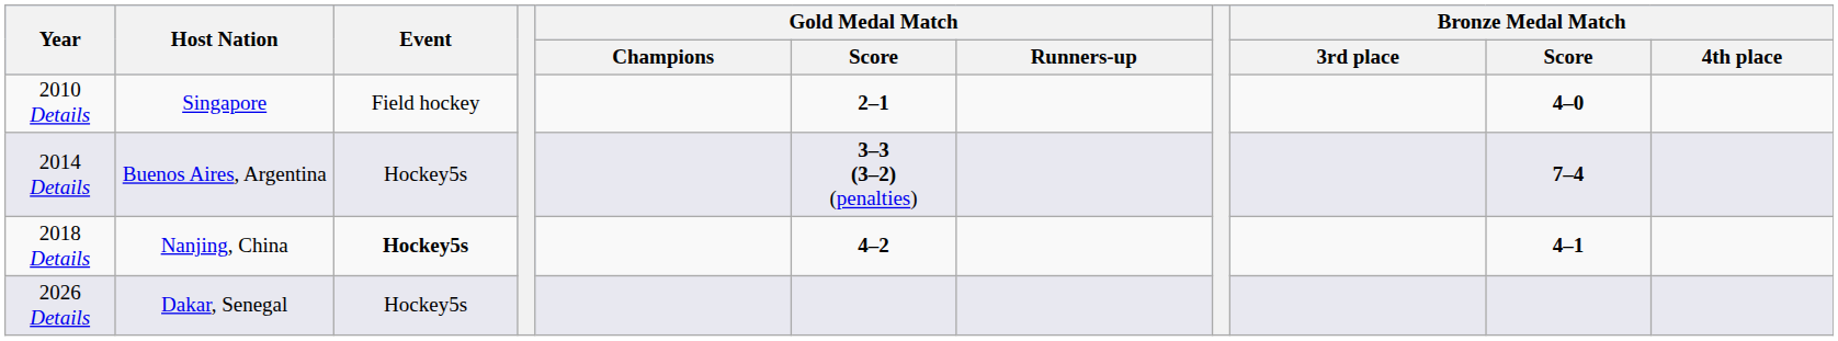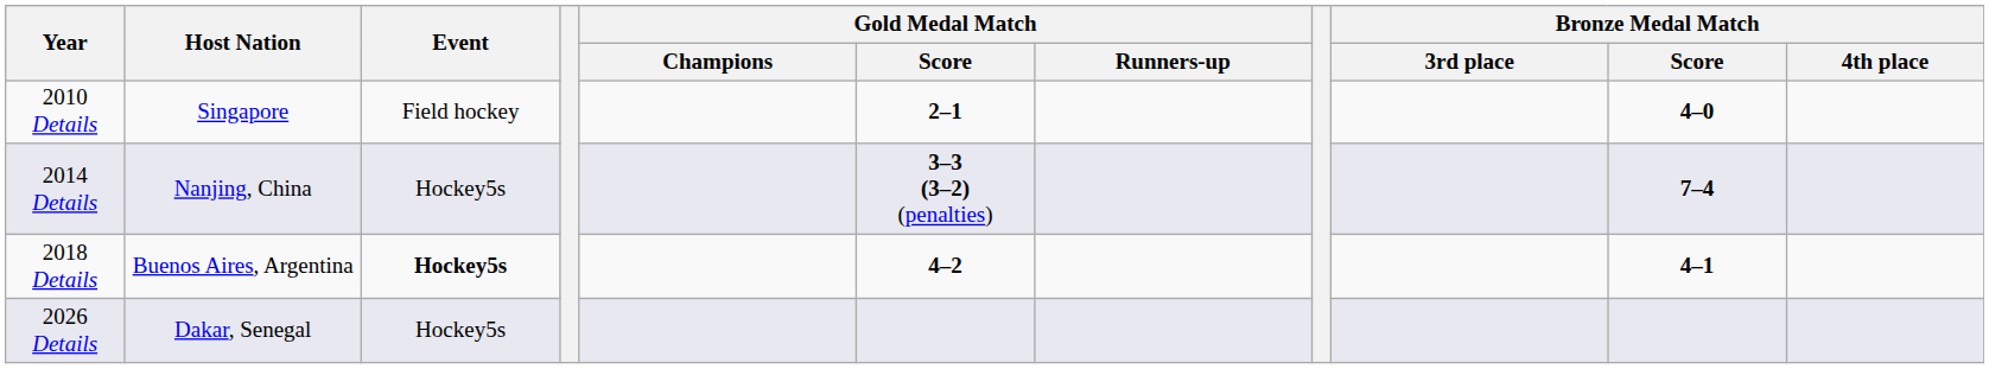 <table class="wikitable" style="font-size:90%; width: 100%; text-align: center;">
 <tr bgcolor=#c1d8ff>
 <th rowspan=2 width=6%>Year</th>
 <th rowspan=2 width=12%>Host Nation</th>
 <th rowspan=2 width=10%>Event</th>
 <th width=1% rowspan=6 bgcolor=ffffff></th>
 <th colspan=3>Gold Medal Match</th>
 <th width=1% rowspan=6 bgcolor=ffffff></th>
 <th colspan=3>Bronze Medal Match</th>
 </tr>
 <tr bgcolor=#efefef>
 <th width=14%>Champions</th>
 <th width=9%>Score</th>
 <th width=14%>Runners-up</th>
 <th width=14%>3rd place</th>
 <th width=9%>Score</th>
 <th width=14%>4th place</th>
 </tr>
 <tr>
 <td>2010<br><em><a href='#'>Details</a></em></td>
 <td><a href='#'>Singapore</a></td>
 <td>Field hockey</td>
 <td><strong></strong></td>
 <td><strong>2–1</strong></td>
 <td></td>
 <td></td>
 <td><strong>4–0</strong></td>
 <td></td>
 </tr>
 <tr bgcolor=#E8E8F0>
 <td>2014<br><em><a href='#'>Details</a></em></td>
-<td><a href='#'>Buenos Aires</a>, Argentina</td>
+<td><a href='#'>Nanjing</a>, China</td>
 <td>Hockey5s</td>
 <td><strong></strong></td>
 <td><strong>3–3</strong><br><strong>(3–2)</strong><br> (<a href='#'>penalties</a>)</td>
 <td></td>
 <td></td>
 <td><strong>7–4</strong></td>
 <td></td>
 </tr>
 <tr>
 <td>2018<br><em><a href='#'>Details</a></em></td>
-<td><a href='#'>Nanjing</a>, China</td>
+<td><a href='#'>Buenos Aires</a>, Argentina</td>
 <td><strong>Hockey5s</strong></td>
 <td><strong></strong></td>
 <td><strong>4–2</strong></td>
 <td></td>
 <td></td>
 <td><strong>4–1</strong></td>
 <td></td>
 </tr>
 <tr bgcolor=#E8E8F0>
 <td>2026<br><em><a href='#'>Details</a></em></td>
 <td><a href='#'>Dakar</a>, Senegal</td>
 <td>Hockey5s</td>
 <td></td>
 <td></td>
 <td></td>
 <td></td>
 <td></td>
 <td></td>
 </tr>
 </table>
